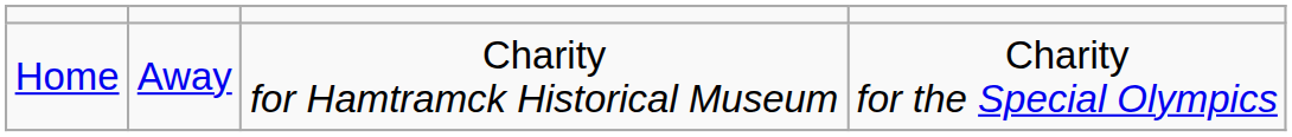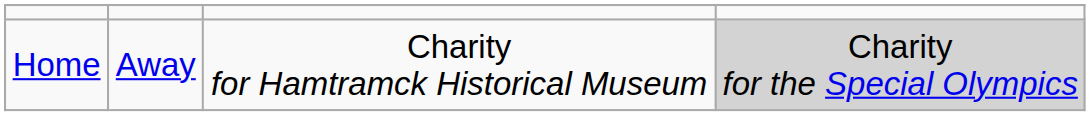 <table class=wikitable style="text-align: center;">
 <tr>
 <td></td>
 <td></td>
 <td></td>
 <td></td>
 </tr>
 <tr>
 <td><a href='#'>Home</a></td>
 <td><a href='#'>Away</a></td>
 <td>Charity<br><em>for Hamtramck Historical Museum</em></td>
-<td>Charity<br><em>for the <a href='#'>Special Olympics</a></em></td>
+<td style="background: lightgrey;">Charity<br><em>for the <a href='#'>Special Olympics</a></em></td>
 </tr>
 </table>
